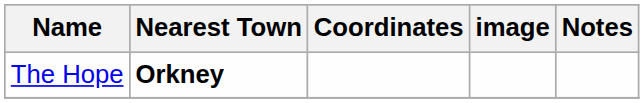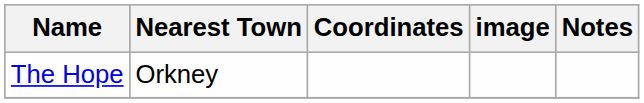 <table class="wikitable sortable" style="table-layout:fixed;background-color:#FEFEFE;font-size:95%;padding:0.30em;line-height:1.35em;">
 <tr>
 <th scope="col">Name</th>
 <th scope="col">Nearest Town</th>
 <th scope="col" data-sort-type="number">Coordinates</th>
 <th scope="col">image</th>
 <th class="unsortable">Notes</th>
 </tr>
 <tr>
 <td><a href='#'>The Hope</a></td>
-<td><strong>Orkney</strong></td>
+<td>Orkney</td>
 <td></td>
 <td></td>
 <td></td>
 </tr>
 <tr>
 </tr>
 </table>
